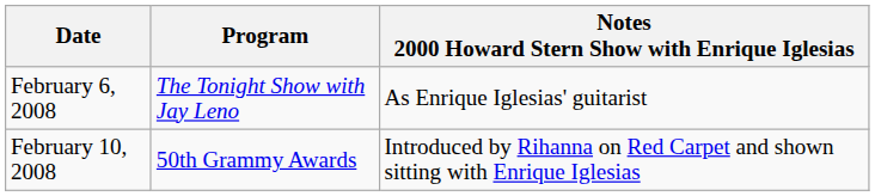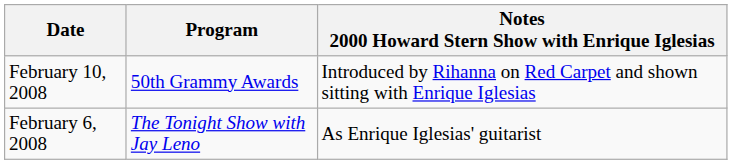 <table class="wikitable">
 <tr>
 <th>Date</th>
 <th>Program</th>
 <th>Notes<br>2000 Howard Stern Show with Enrique Iglesias</th>
 </tr>
 <tr>
+<td>February 10, 2008</td>
+<td><a href='#'>50th Grammy Awards</a></td>
+<td>Introduced by <a href='#'>Rihanna</a> on <a href='#'>Red Carpet</a> and shown sitting with <a href='#'>Enrique Iglesias</a></td>
+</tr>
+<tr>
 <td>February 6, 2008</td>
 <td><em><a href='#'>The Tonight Show with Jay Leno</a></em></td>
 <td>As Enrique Iglesias' guitarist</td>
 </tr>
-<tr>
-<td>February 10, 2008</td>
-<td><a href='#'>50th Grammy Awards</a></td>
-<td>Introduced by <a href='#'>Rihanna</a> on <a href='#'>Red Carpet</a> and shown sitting with <a href='#'>Enrique Iglesias</a></td>
-</tr>
 </table>
